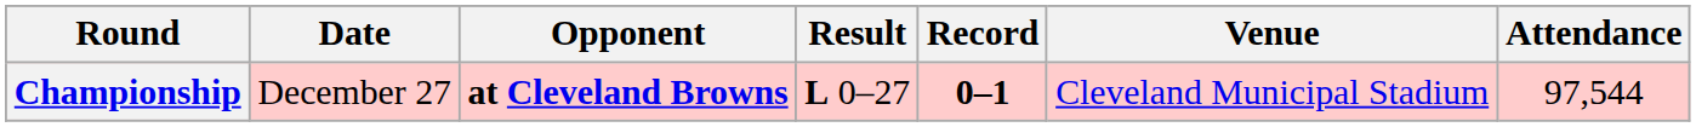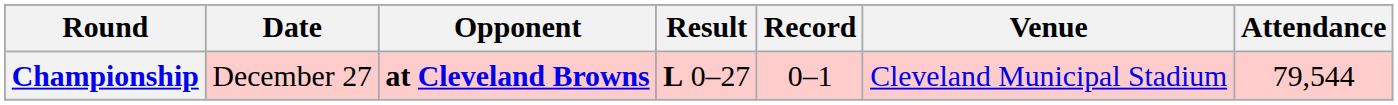 <table class="wikitable" style="text-align:center">
 <tr>
 <th>Round</th>
 <th>Date</th>
 <th>Opponent</th>
 <th>Result</th>
 <th>Record</th>
 <th>Venue</th>
 <th>Attendance</th>
 </tr>
 <tr style="background:#fcc">
 <th><a href='#'>Championship</a></th>
 <td>December 27</td>
 <td><strong>at <a href='#'>Cleveland Browns</a></strong></td>
 <td><strong>L</strong> 0–27</td>
-<td><strong>0–1</strong></td>
+<td>0–1</td>
 <td><a href='#'>Cleveland Municipal Stadium</a></td>
-<td>97,544</td>
+<td>79,544</td>
 </tr>
 </table>
